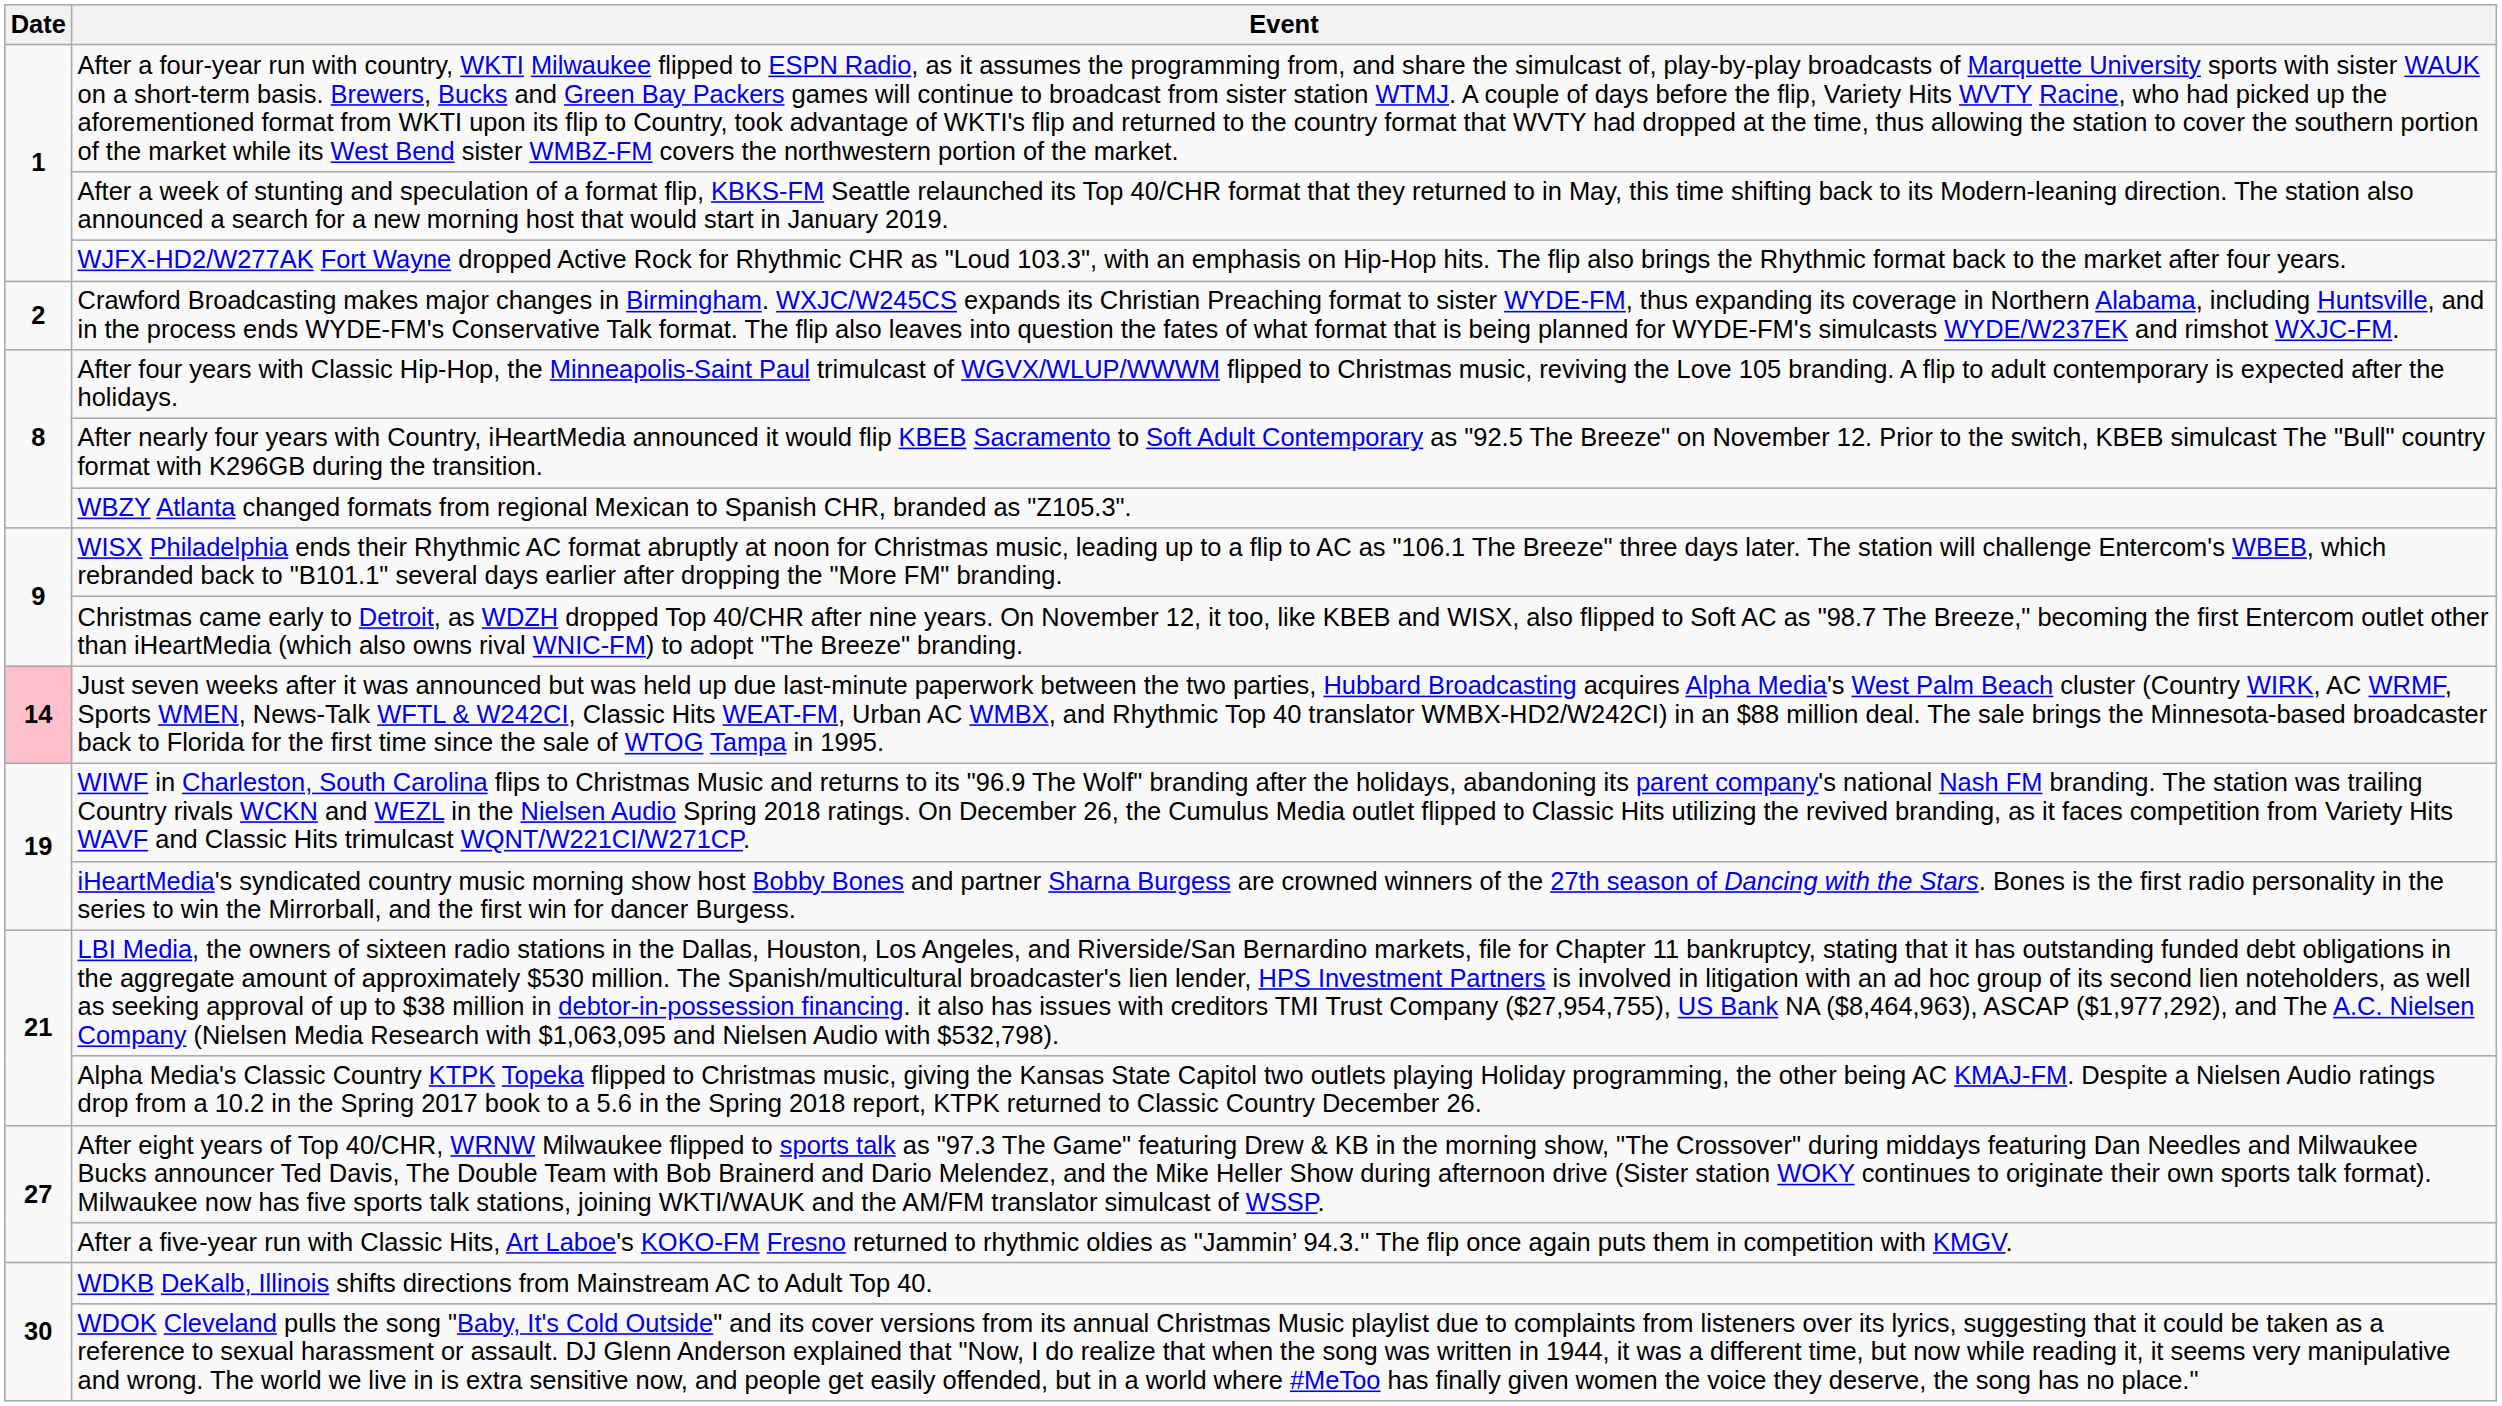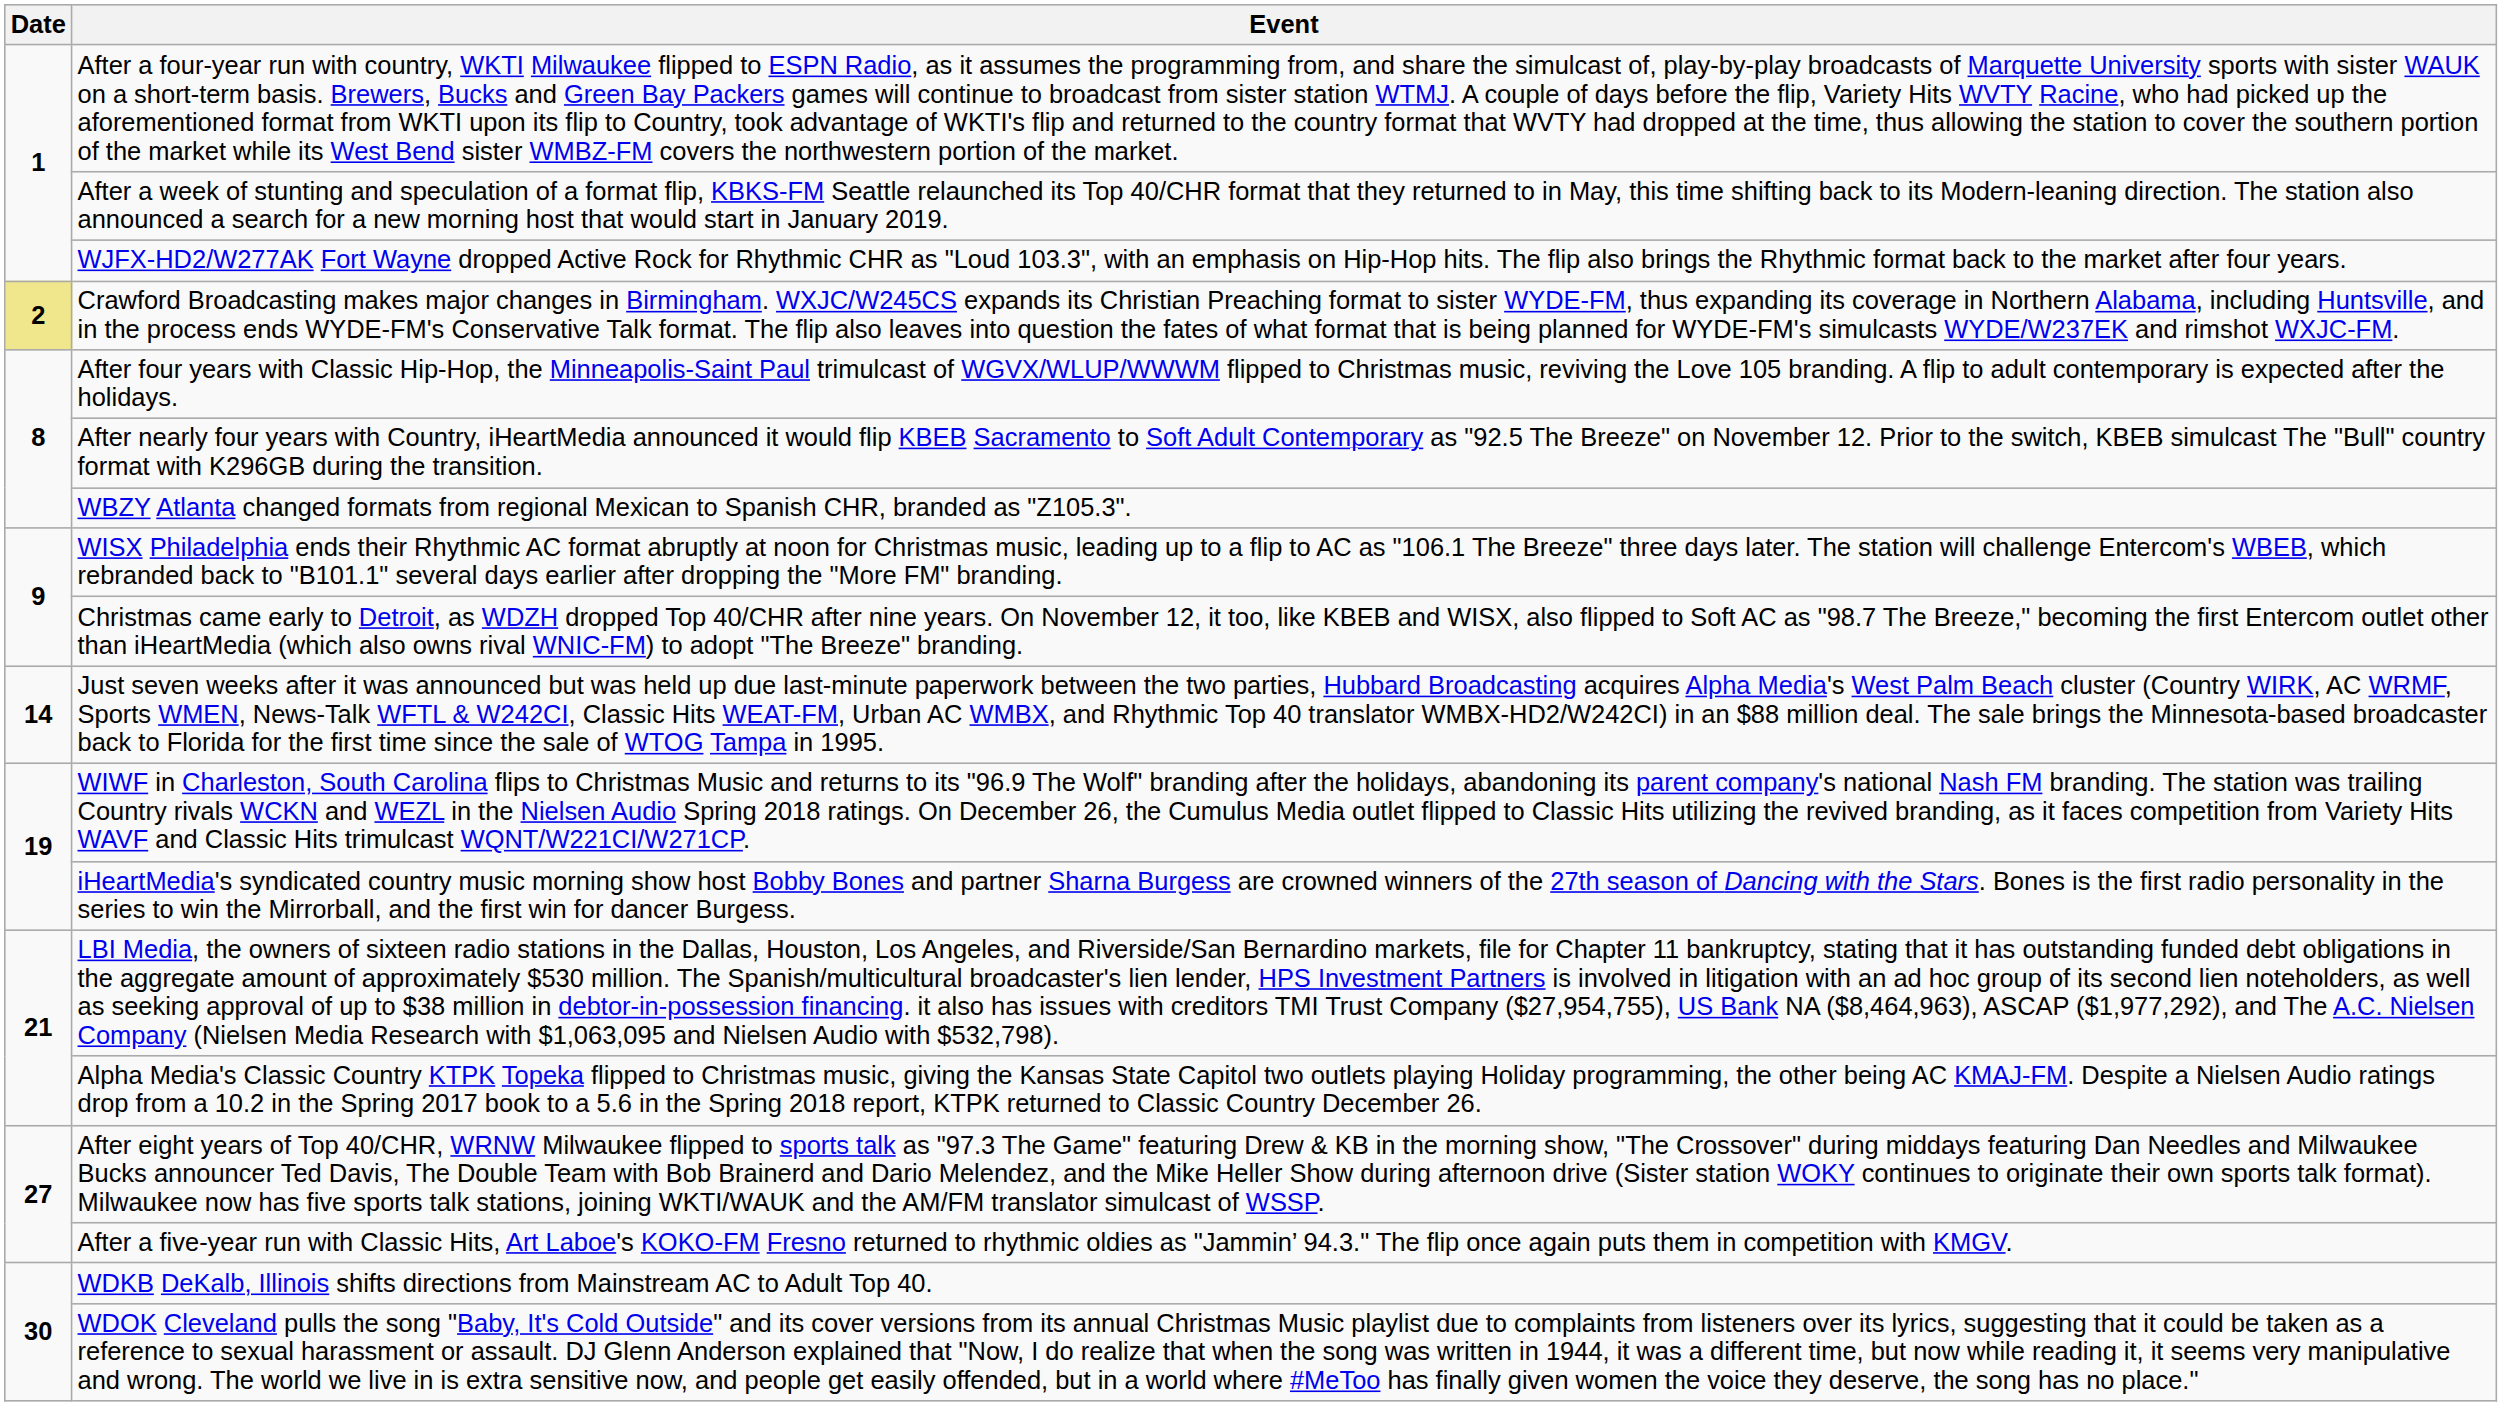 <table class="wikitable">
 <tr>
 <th>Date</th>
 <th>Event</th>
 </tr>
 <tr>
 <td style="text-align:center;" rowspan=3><strong>1</strong></td>
 <td>After a four-year run with country, <a href='#'>WKTI</a> <a href='#'>Milwaukee</a> flipped to <a href='#'>ESPN Radio</a>, as it assumes the programming from, and share the simulcast of, play-by-play broadcasts of <a href='#'>Marquette University</a> sports with sister <a href='#'>WAUK</a> on a short-term basis. <a href='#'>Brewers</a>, <a href='#'>Bucks</a> and <a href='#'>Green Bay Packers</a> games will continue to broadcast from sister station <a href='#'>WTMJ</a>. A couple of days before the flip, Variety Hits <a href='#'>WVTY</a> <a href='#'>Racine</a>, who had picked up the aforementioned format from WKTI upon its flip to Country, took advantage of WKTI's flip and returned to the country format that WVTY had dropped at the time, thus allowing the station to cover the southern portion of the market while its <a href='#'>West Bend</a> sister <a href='#'>WMBZ-FM</a> covers the northwestern portion of the market.</td>
 </tr>
 <tr>
 <td>After a week of stunting and speculation of a format flip, <a href='#'>KBKS-FM</a> Seattle relaunched its Top 40/CHR format that they returned to in May, this time shifting back to its Modern-leaning direction. The station also announced a search for a new morning host that would start in January 2019.</td>
 </tr>
 <tr>
 <td><a href='#'>WJFX-HD2/W277AK</a> <a href='#'>Fort Wayne</a> dropped Active Rock for Rhythmic CHR as "Loud 103.3", with an emphasis on Hip-Hop hits. The flip also brings the Rhythmic format back to the market after four years.</td>
 </tr>
 <tr>
-<td style="text-align:center;"><strong>2</strong></td>
+<td style="background: khaki; text-align:center;"><strong>2</strong></td>
 <td>Crawford Broadcasting makes major changes in <a href='#'>Birmingham</a>. <a href='#'>WXJC/W245CS</a> expands its Christian Preaching format to sister <a href='#'>WYDE-FM</a>, thus expanding its coverage in Northern <a href='#'>Alabama</a>, including <a href='#'>Huntsville</a>, and in the process ends WYDE-FM's Conservative Talk format. The flip also leaves into question the fates of what format that is being planned for WYDE-FM's simulcasts <a href='#'>WYDE/W237EK</a> and rimshot <a href='#'>WXJC-FM</a>.</td>
 </tr>
 <tr>
 <td style="text-align:center;" rowspan=3><strong>8</strong></td>
 <td>After four years with Classic Hip-Hop, the <a href='#'>Minneapolis-Saint Paul</a> trimulcast of <a href='#'>WGVX/WLUP/WWWM</a> flipped to Christmas music, reviving the Love 105 branding. A flip to adult contemporary is expected after the holidays.</td>
 </tr>
 <tr>
 <td>After nearly four years with Country, iHeartMedia announced it would flip <a href='#'>KBEB</a> <a href='#'>Sacramento</a> to <a href='#'>Soft Adult Contemporary</a> as "92.5 The Breeze" on November 12. Prior to the switch, KBEB simulcast The "Bull" country format with K296GB during the transition.</td>
 </tr>
 <tr>
 <td><a href='#'>WBZY</a> <a href='#'>Atlanta</a> changed formats from regional Mexican to Spanish CHR, branded as "Z105.3".</td>
 </tr>
 <tr>
 <td style="text-align:center;" rowspan=2><strong>9</strong></td>
 <td><a href='#'>WISX</a> <a href='#'>Philadelphia</a> ends their Rhythmic AC format abruptly at noon for Christmas music, leading up to a flip to AC as "106.1 The Breeze" three days later. The station will challenge Entercom's <a href='#'>WBEB</a>, which rebranded back to "B101.1" several days earlier after dropping the "More FM" branding.</td>
 </tr>
 <tr>
 <td>Christmas came early to <a href='#'>Detroit</a>, as <a href='#'>WDZH</a> dropped Top 40/CHR after nine years. On November 12, it too, like KBEB and WISX, also flipped to Soft AC as "98.7 The Breeze," becoming the first Entercom outlet other than iHeartMedia (which also owns rival <a href='#'>WNIC-FM</a>) to adopt "The Breeze" branding.</td>
 </tr>
 <tr>
-<td style="background: pink; text-align:center;"><strong>14</strong></td>
+<td style="text-align:center;"><strong>14</strong></td>
 <td>Just seven weeks after it was announced but was held up due last-minute paperwork between the two parties, <a href='#'>Hubbard Broadcasting</a> acquires <a href='#'>Alpha Media</a>'s <a href='#'>West Palm Beach</a> cluster (Country <a href='#'>WIRK</a>, AC <a href='#'>WRMF</a>, Sports <a href='#'>WMEN</a>, News-Talk <a href='#'>WFTL & W242CI</a>, Classic Hits <a href='#'>WEAT-FM</a>, Urban AC <a href='#'>WMBX</a>, and Rhythmic Top 40 translator WMBX-HD2/W242CI) in an $88 million deal. The sale brings the Minnesota-based broadcaster back to Florida for the first time since the sale of <a href='#'>WTOG</a> <a href='#'>Tampa</a> in 1995.</td>
 </tr>
 <tr>
 <td style="text-align:center;" rowspan=2><strong>19</strong></td>
 <td><a href='#'>WIWF</a> in <a href='#'>Charleston, South Carolina</a> flips to Christmas Music and returns to its "96.9 The Wolf" branding after the holidays, abandoning its <a href='#'>parent company</a>'s national <a href='#'>Nash FM</a> branding. The station was trailing Country rivals <a href='#'>WCKN</a> and <a href='#'>WEZL</a> in the <a href='#'>Nielsen Audio</a> Spring 2018 ratings. On December 26, the Cumulus Media outlet flipped to Classic Hits utilizing the revived branding, as it faces competition from Variety Hits <a href='#'>WAVF</a> and Classic Hits trimulcast <a href='#'>WQNT/W221CI/W271CP</a>.</td>
 </tr>
 <tr>
 <td><a href='#'>iHeartMedia</a>'s syndicated country music morning show host <a href='#'>Bobby Bones</a> and partner <a href='#'>Sharna Burgess</a> are crowned winners of the <a href='#'>27th season of <em>Dancing with the Stars</em></a>. Bones is the first radio personality in the series to win the Mirrorball, and the first win for dancer Burgess.</td>
 </tr>
 <tr>
 <td style="text-align:center;" rowspan=2><strong>21</strong></td>
 <td><a href='#'>LBI Media</a>, the owners of sixteen radio stations in the Dallas, Houston, Los Angeles, and Riverside/San Bernardino markets, file for Chapter 11 bankruptcy, stating that it has outstanding funded debt obligations in the aggregate amount of approximately $530 million. The Spanish/multicultural broadcaster's lien lender, <a href='#'>HPS Investment Partners</a> is involved in litigation with an ad hoc group of its second lien noteholders, as well as seeking approval of up to $38 million in <a href='#'>debtor-in-possession financing</a>. it also has issues with creditors TMI Trust Company ($27,954,755), <a href='#'>US Bank</a> NA ($8,464,963), ASCAP ($1,977,292), and The <a href='#'>A.C. Nielsen Company</a> (Nielsen Media Research with $1,063,095 and Nielsen Audio with $532,798).</td>
 </tr>
 <tr>
 <td>Alpha Media's Classic Country <a href='#'>KTPK</a> <a href='#'>Topeka</a> flipped to Christmas music, giving the Kansas State Capitol two outlets playing Holiday programming, the other being AC <a href='#'>KMAJ-FM</a>. Despite a Nielsen Audio ratings drop from a 10.2 in the Spring 2017 book to a 5.6 in the Spring 2018 report, KTPK returned to Classic Country December 26.</td>
 </tr>
 <tr>
 <td style="text-align:center;" rowspan=2><strong>27</strong></td>
 <td>After eight years of Top 40/CHR, <a href='#'>WRNW</a> Milwaukee flipped to <a href='#'>sports talk</a> as "97.3 The Game" featuring Drew & KB in the morning show, "The Crossover" during middays featuring Dan Needles and Milwaukee Bucks announcer Ted Davis, The Double Team with Bob Brainerd and Dario Melendez, and the Mike Heller Show during afternoon drive (Sister station <a href='#'>WOKY</a> continues to originate their own sports talk format). Milwaukee now has five sports talk stations, joining WKTI/WAUK and the AM/FM translator simulcast of <a href='#'>WSSP</a>.</td>
 </tr>
 <tr>
 <td>After a five-year run with Classic Hits, <a href='#'>Art Laboe</a>'s <a href='#'>KOKO-FM</a> <a href='#'>Fresno</a> returned to rhythmic oldies as "Jammin’ 94.3." The flip once again puts them in competition with <a href='#'>KMGV</a>.</td>
 </tr>
 <tr>
 <td style="text-align:center;" rowspan=2><strong>30</strong></td>
 <td><a href='#'>WDKB</a> <a href='#'>DeKalb, Illinois</a> shifts directions from Mainstream AC to Adult Top 40.</td>
 </tr>
 <tr>
 <td><a href='#'>WDOK</a> <a href='#'>Cleveland</a> pulls the song "<a href='#'>Baby, It's Cold Outside</a>" and its cover versions from its annual Christmas Music playlist due to complaints from listeners over its lyrics, suggesting that it could be taken as a reference to sexual harassment or assault. DJ Glenn Anderson explained that "Now, I do realize that when the song was written in 1944, it was a different time, but now while reading it, it seems very manipulative and wrong. The world we live in is extra sensitive now, and people get easily offended, but in a world where <a href='#'>#MeToo</a> has finally given women the voice they deserve, the song has no place."</td>
 </tr>
 </table>
